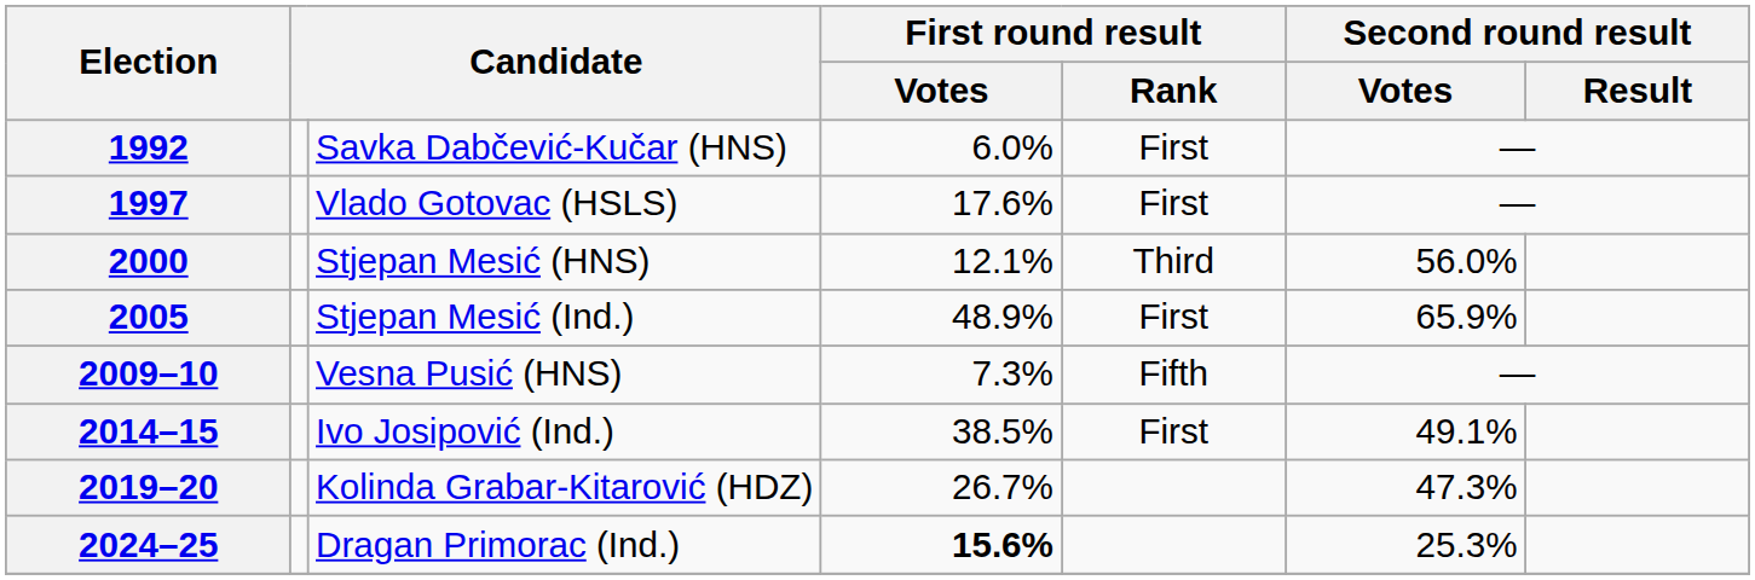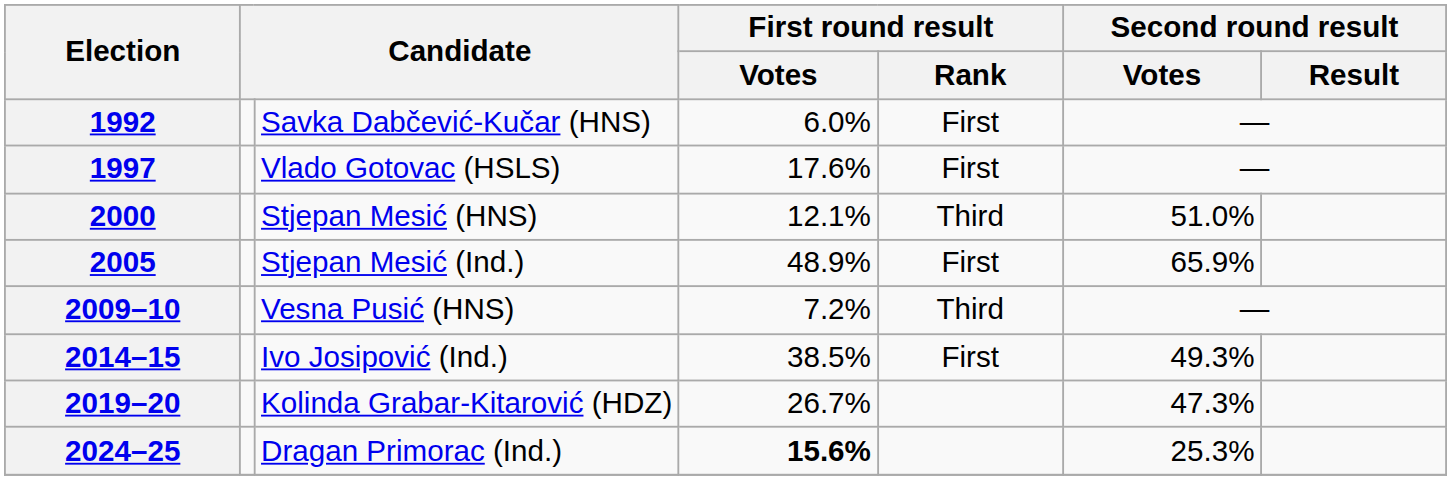 <table class="wikitable">
 <tr>
 <th width="120" rowspan="2">Election</th>
 <th width="180" rowspan="2" colspan=2>Candidate</th>
 <th width="200" colspan=2>First round result</th>
 <th width="200" colspan=2>Second round result</th>
 </tr>
 <tr>
 <th width="100">Votes</th>
 <th>Rank</th>
 <th width="100">Votes</th>
 <th>Result</th>
 </tr>
 <tr>
 <th><a href='#'>1992 </a></th>
 <td style="background-color: "></td>
 <td><a href='#'>Savka Dabčević-Kučar</a> (HNS)</td>
 <td align=right>6.0%</td>
 <td align=center>First</td>
 <td colspan=2 align=center>—</td>
 </tr>
 <tr align=left>
 <th><a href='#'>1997 </a></th>
 <td style="background-color: "></td>
 <td><a href='#'>Vlado Gotovac</a> (HSLS)</td>
 <td align=right>17.6%</td>
 <td align=center>First</td>
 <td colspan=2 align=center>—</td>
 </tr>
 <tr align=left>
 <th><a href='#'>2000 </a></th>
 <td style="background-color: "></td>
 <td><a href='#'>Stjepan Mesić</a> (HNS)</td>
 <td align=right>12.1%</td>
 <td align=center>Third</td>
-<td align=right>56.0%</td>
+<td align=right>51.0%</td>
 <td></td>
 </tr>
 <tr align=left>
 <th><a href='#'>2005 </a></th>
 <td style="background-color: "></td>
 <td><a href='#'>Stjepan Mesić</a> (Ind.)</td>
 <td align=right>48.9%</td>
 <td align=center>First</td>
 <td align=right>65.9%</td>
 <td></td>
 </tr>
 <tr align=left>
 <th><a href='#'>2009–10 </a></th>
 <td style="background-color:"></td>
 <td><a href='#'>Vesna Pusić</a> (HNS)</td>
-<td align=right>7.3%</td>
-<td align=center>Fifth</td>
+<td align=right>7.2%</td>
+<td align=center>Third</td>
 <td colspan=2 align=center>—</td>
 </tr>
 <tr align=left>
 <th><a href='#'>2014–15 </a></th>
 <td style="background-color: "></td>
 <td><a href='#'>Ivo Josipović</a> (Ind.)</td>
 <td align=right>38.5%</td>
 <td align=center>First</td>
-<td align=right>49.1%</td>
+<td align=right>49.3%</td>
 <td></td>
 </tr>
 <tr align=left>
 <th><a href='#'>2019–20 </a></th>
 <td style="background-color: "></td>
 <td><a href='#'>Kolinda Grabar-Kitarović</a> (HDZ)</td>
 <td align=right>26.7%</td>
 <td></td>
 <td align=right>47.3%</td>
 <td></td>
 </tr>
 <tr align=left>
 <th><a href='#'>2024–25 </a></th>
 <td style="background-color: "></td>
 <td><a href='#'>Dragan Primorac</a> (Ind.)</td>
 <td align=right><strong>15.6%</strong></td>
 <td></td>
 <td align=right>25.3%</td>
 <td></td>
 </tr>
 <tr>
 </tr>
 </table>
